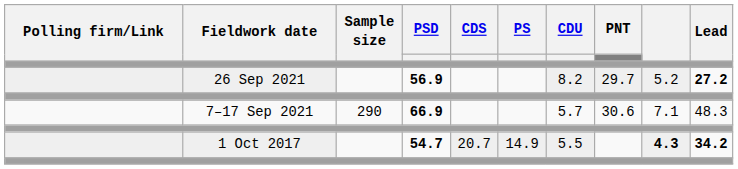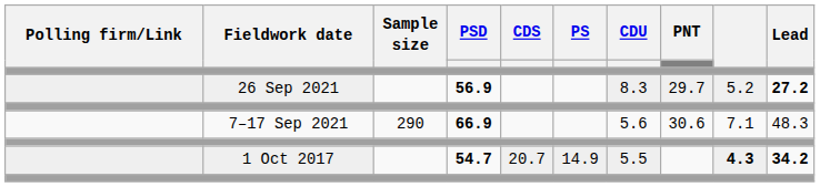 <table class="wikitable sortable mw-datatable" style="text-align:center;font-size:90%;line-height:16px;">
 <tr style="height:42px;">
 <th style="width:145px;" rowspan="2">Polling firm/Link</th>
 <th style="width:125px;" rowspan="2">Fieldwork date</th>
 <th class="unsortable" style="width:50px;" rowspan="2">Sample size</th>
 <th class="unsortable" style="width:35px;"><a href='#'>PSD</a></th>
 <th class="unsortable" style="width:35px;"><a href='#'>CDS</a></th>
 <th class="unsortable" style="width:35px;"><a href='#'>PS</a></th>
 <th class="unsortable" style="width:35px;"><a href='#'>CDU</a></th>
 <th class="unsortable" style="width:35px;">PNT</th>
 <th class="unsortable" style="width:35px;" rowspan="2"></th>
 <th class="unsortable" style="width:30px;" rowspan="2">Lead</th>
 </tr>
 <tr>
 <th class="unsortable" style="color:inherit;background:"></th>
 <th class="unsortable" style="color:inherit;background:"></th>
 <th class="unsortable" style="color:inherit;background:"></th>
 <th class="unsortable" style="color:inherit;background:"></th>
 <th class="unsortable" style="color:inherit;background:gray;"></th>
 </tr>
 <tr>
 <td colspan="17" style="background:#A0A0A0"></td>
 </tr>
 <tr>
 <td style="background:#EFEFEF;"><strong></strong></td>
 <td style="background:#EFEFEF;" data-sort-value="2019-10-06">26 Sep 2021</td>
 <td></td>
 <td><strong>56.9</strong><br></td>
 <td></td>
 <td></td>
-<td style="background:#EFEFEF;">8.2<br></td>
+<td style="background:#EFEFEF;">8.3<br></td>
 <td style="background:#EFEFEF;">29.7<br></td>
 <td style="background:#EFEFEF;">5.2</td>
 <td style="background:"><strong>27.2</strong></td>
 </tr>
 <tr>
 <td colspan="17" style="background:#A0A0A0"></td>
 </tr>
 <tr>
 <td align="center"></td>
 <td align="center">7–17 Sep 2021</td>
 <td>290</td>
 <td align="center" ><strong>66.9</strong></td>
 <td></td>
 <td></td>
-<td align="center">5.7</td>
+<td align="center">5.6</td>
 <td align="center">30.6</td>
 <td align="center">7.1</td>
 <td style="background:">48.3</td>
 </tr>
 <tr>
 <td colspan="17" style="background:#A0A0A0"></td>
 </tr>
 <tr>
 <td style="background:#EFEFEF;"><strong></strong></td>
 <td style="background:#EFEFEF;" data-sort-value="2019-10-06">1 Oct 2017</td>
 <td></td>
 <td><strong>54.7</strong><br></td>
 <td style="background:#EFEFEF;">20.7<br></td>
 <td style="background:#EFEFEF;">14.9<br></td>
 <td style="background:#EFEFEF;">5.5<br></td>
 <td></td>
 <td style="background:#EFEFEF;"><strong>4.3</strong></td>
 <td style="background:"><strong>34.2</strong></td>
 </tr>
 <tr>
 <td colspan="17" style="background:#A0A0A0"></td>
 </tr>
 </table>
